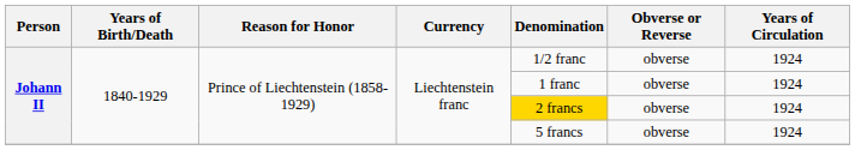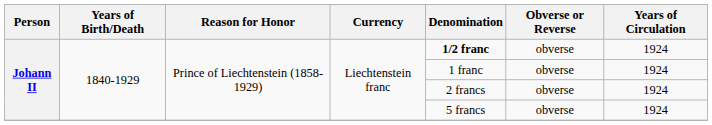 <table class="wikitable" style="font-size:95%; text-align:center;">
 <tr>
 <th>Person</th>
 <th>Years of Birth/Death</th>
 <th>Reason for Honor</th>
 <th>Currency</th>
 <th>Denomination</th>
 <th>Obverse or Reverse</th>
 <th>Years of Circulation</th>
 </tr>
 <tr>
 <th rowspan="4"><a href='#'>Johann II</a></th>
 <td rowspan="4">1840-1929</td>
 <td rowspan="4">Prince of Liechtenstein (1858-1929)</td>
 <td rowspan="4">Liechtenstein franc</td>
-<td>1/2 franc</td>
+<td><strong>1/2 franc</strong></td>
 <td>obverse</td>
 <td>1924</td>
 </tr>
 <tr>
 <td>1 franc</td>
 <td>obverse</td>
 <td>1924</td>
 </tr>
 <tr>
-<td style="background: gold;">2 francs</td>
+<td>2 francs</td>
 <td>obverse</td>
 <td>1924</td>
 </tr>
 <tr>
 <td>5 francs</td>
 <td>obverse</td>
 <td>1924</td>
 </tr>
 <tr>
 </tr>
 </table>
